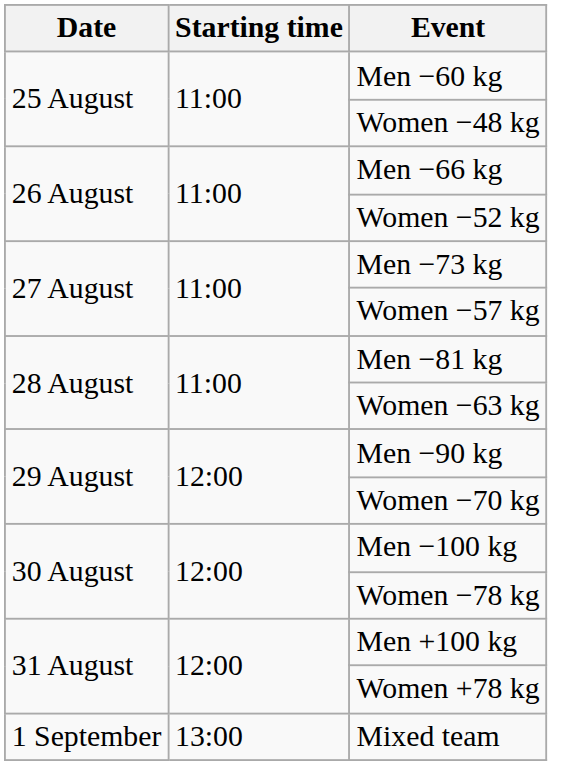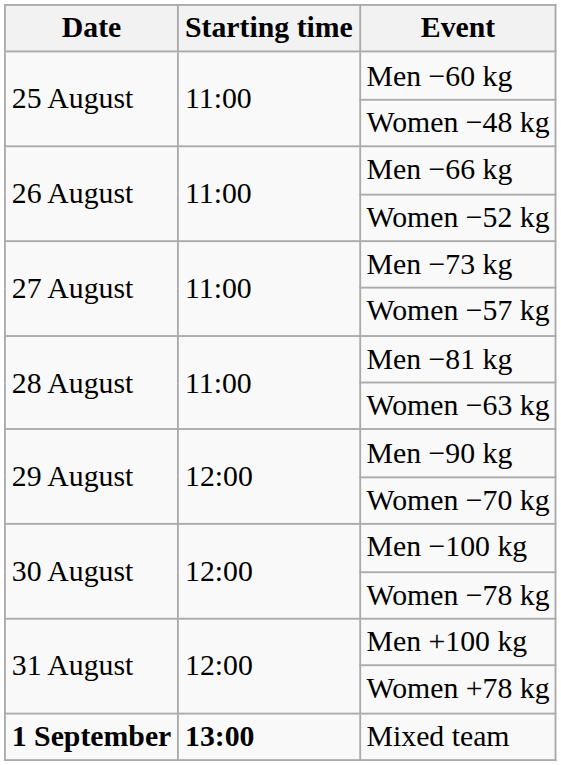 <table class="wikitable">
 <tr>
 <th>Date</th>
 <th>Starting time</th>
 <th>Event</th>
 </tr>
 <tr>
 <td rowspan=2>25 August</td>
 <td rowspan=2>11:00</td>
 <td>Men −60 kg</td>
 </tr>
 <tr>
 <td>Women −48 kg</td>
 </tr>
 <tr>
 <td rowspan=2>26 August</td>
 <td rowspan=2>11:00</td>
 <td>Men −66 kg</td>
 </tr>
 <tr>
 <td>Women −52 kg</td>
 </tr>
 <tr>
 <td rowspan=2>27 August</td>
 <td rowspan=2>11:00</td>
 <td>Men −73 kg</td>
 </tr>
 <tr>
 <td>Women −57 kg</td>
 </tr>
 <tr>
 <td rowspan=2>28 August</td>
 <td rowspan=2>11:00</td>
 <td>Men −81 kg</td>
 </tr>
 <tr>
 <td>Women −63 kg</td>
 </tr>
 <tr>
 <td rowspan=2>29 August</td>
 <td rowspan=2>12:00</td>
 <td>Men −90 kg</td>
 </tr>
 <tr>
 <td>Women −70 kg</td>
 </tr>
 <tr>
 <td rowspan=2>30 August</td>
 <td rowspan=2>12:00</td>
 <td>Men −100 kg</td>
 </tr>
 <tr>
 <td>Women −78 kg</td>
 </tr>
 <tr>
 <td rowspan=2>31 August</td>
 <td rowspan=2>12:00</td>
 <td>Men +100 kg</td>
 </tr>
 <tr>
 <td>Women +78 kg</td>
 </tr>
 <tr>
-<td>1 September</td>
-<td>13:00</td>
+<td><strong>1 September</strong></td>
+<td><strong>13:00</strong></td>
 <td>Mixed team</td>
 </tr>
 </table>
